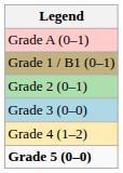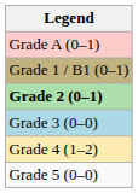 <table class=wikitable style=font-size:90%;>
 <tr>
 <th>Legend</th>
 </tr>
 <tr style=background:#ffcccc>
 <td>Grade A (0–1)</td>
 </tr>
 <tr style=background:#C2B280>
 <td>Grade 1 / B1 (0–1)</td>
 </tr>
 <tr style=background:#ADDFAD>
-<td>Grade 2 (0–1)</td>
+<td><strong>Grade 2 (0–1)</strong></td>
 </tr>
 <tr style=background:lightblue>
 <td>Grade 3 (0–0)</td>
 </tr>
 <tr style=background:#ffecb2>
 <td>Grade 4 (1–2)</td>
 </tr>
 <tr>
-<td><strong>Grade 5 (0–0)</strong></td>
+<td>Grade 5 (0–0)</td>
 </tr>
 </table>
